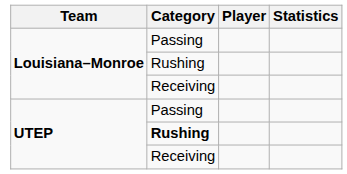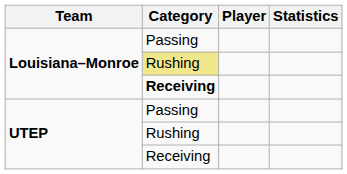 <table class="wikitable" style="float: right;">
 <tr>
 <th>Team</th>
 <th>Category</th>
 <th>Player</th>
 <th>Statistics</th>
 </tr>
 <tr>
 <td rowspan=3><strong>Louisiana–Monroe</strong></td>
 <td>Passing</td>
 <td></td>
 <td></td>
 </tr>
 <tr>
-<td>Rushing</td>
+<td style="background: khaki;">Rushing</td>
 <td></td>
 <td></td>
 </tr>
 <tr>
-<td>Receiving</td>
+<td><strong>Receiving</strong></td>
 <td></td>
 <td></td>
 </tr>
 <tr>
 <td rowspan=3><strong>UTEP</strong></td>
 <td>Passing</td>
 <td></td>
 <td></td>
 </tr>
 <tr>
-<td><strong>Rushing</strong></td>
+<td>Rushing</td>
 <td></td>
 <td></td>
 </tr>
 <tr>
 <td>Receiving</td>
 <td></td>
 <td></td>
 </tr>
 </table>
